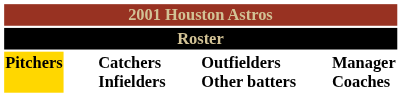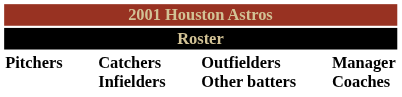 <table class="toccolours" style="font-size: 95%;">
 <tr>
 <th colspan="10" style="text-align:center; background:#983222; color:#d2c295;">2001 Houston Astros</th>
 </tr>
 <tr>
 <td colspan="10" style="text-align:center; background:#000; color:#d2c295;"><strong>Roster</strong></td>
 </tr>
 <tr>
-<td valign="top" style="background: gold;"><strong>Pitchers</strong><br>                        </td>
+<td valign="top"><strong>Pitchers</strong><br>                        </td>
 <td width="25px"></td>
 <td valign="top"><strong>Catchers</strong><br>   <strong>Infielders</strong>         </td>
 <td width="25px"></td>
 <td valign="top"><strong>Outfielders</strong><br>      <strong>Other batters</strong>  </td>
 <td width="25px"></td>
 <td valign="top"><strong>Manager</strong><br> <strong>Coaches</strong>      </td>
 </tr>
 </table>
